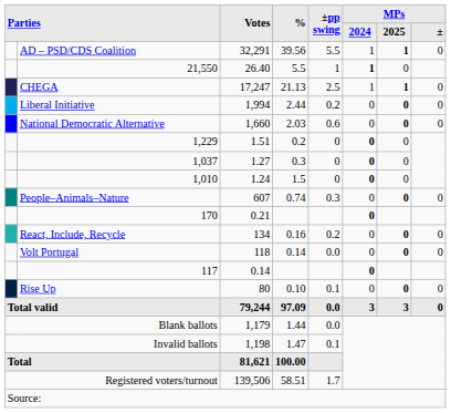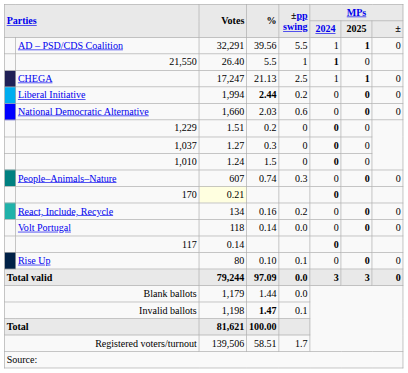 <table class="wikitable" style="text-align:right; font-size:95%;">
 <tr>
 <th rowspan="2" colspan="2" style="background:#e9e9e9; text-align:left;" alignleft><a href='#'>Parties</a></th>
 <th rowspan="2" style="background:#e9e9e9; text-align:right;">Votes</th>
 <th rowspan="2" style="background:#e9e9e9; text-align:right;">%</th>
 <th rowspan="2" style="background:#e9e9e9; text-align:right;">±<a href='#'>pp</a> <a href='#'>swing</a></th>
 <th colspan="3" style="background:#e9e9e9; text-align:center;"><a href='#'>MPs</a></th>
 </tr>
 <tr style="background-color:#E9E9E9">
 <th style="background-color:#E9E9E9;text-align:center;"><a href='#'>2024</a></th>
 <th style="background-color:#E9E9E9;text-align:center;">2025</th>
 <th style="background:#e9e9e9; text-align:right;">±</th>
 </tr>
 <tr>
 <td style="width: 10px" bgcolor=></td>
 <td align="left"><a href='#'>AD – PSD/CDS Coalition</a> </td>
 <td>32,291</td>
 <td>39.56</td>
 <td>5.5</td>
 <td>1</td>
 <td><strong>1</strong></td>
 <td>0</td>
 </tr>
 <tr>
 <td></td>
 <td>21,550</td>
 <td>26.40</td>
 <td>5.5</td>
 <td>1</td>
 <td><strong>1</strong></td>
 <td>0</td>
 </tr>
 <tr>
 <td style="width: 10px" bgcolor="#202056" align="center"></td>
 <td align="left"><a href='#'>CHEGA</a></td>
 <td>17,247</td>
 <td>21.13</td>
 <td>2.5</td>
 <td>1</td>
 <td><strong>1</strong></td>
 <td>0</td>
 </tr>
 <tr>
 <td style="width: 10px" bgcolor="#00ADEF" align="center"></td>
 <td align="left"><a href='#'>Liberal Initiative</a></td>
 <td>1,994</td>
-<td>2.44</td>
+<td><strong>2.44</strong></td>
 <td>0.2</td>
 <td>0</td>
 <td><strong>0</strong></td>
 <td>0</td>
 </tr>
 <tr>
 <td style="width: 10px" bgcolor="blue" align="center"></td>
 <td align="left"><a href='#'>National Democratic Alternative</a></td>
 <td>1,660</td>
 <td>2.03</td>
 <td>0.6</td>
 <td>0</td>
 <td><strong>0</strong></td>
 <td>0</td>
 </tr>
 <tr>
 <td></td>
 <td>1,229</td>
 <td>1.51</td>
 <td>0.2</td>
 <td>0</td>
 <td><strong>0</strong></td>
 <td>0</td>
 </tr>
 <tr>
 <td></td>
 <td>1,037</td>
 <td>1.27</td>
 <td>0.3</td>
 <td>0</td>
 <td><strong>0</strong></td>
 <td>0</td>
 </tr>
 <tr>
 <td></td>
 <td>1,010</td>
 <td>1.24</td>
 <td>1.5</td>
 <td>0</td>
 <td><strong>0</strong></td>
 <td>0</td>
 </tr>
 <tr>
 <td style="width: 10px" bgcolor="teal" align="center"></td>
 <td align="left"><a href='#'>People–Animals–Nature</a></td>
 <td>607</td>
 <td>0.74</td>
 <td>0.3</td>
 <td>0</td>
 <td><strong>0</strong></td>
 <td>0</td>
 </tr>
 <tr>
 <td></td>
 <td>170</td>
-<td>0.21</td>
+<td style="background: lightyellow;">0.21</td>
 <td></td>
 <td></td>
 <td><strong>0</strong></td>
 <td></td>
 </tr>
 <tr>
 <td style="width: 10px" bgcolor="LightSeaGreen" align="center"></td>
 <td align="left"><a href='#'>React, Include, Recycle</a></td>
 <td>134</td>
 <td>0.16</td>
 <td>0.2</td>
 <td>0</td>
 <td><strong>0</strong></td>
 <td>0</td>
 </tr>
 <tr>
 <td style="width: 10px"></td>
 <td align="left"><a href='#'>Volt Portugal</a></td>
 <td>118</td>
 <td>0.14</td>
 <td>0.0</td>
 <td>0</td>
 <td><strong>0</strong></td>
 <td>0</td>
 </tr>
 <tr>
 <td></td>
 <td>117</td>
 <td>0.14</td>
 <td></td>
 <td></td>
 <td><strong>0</strong></td>
 <td></td>
 </tr>
 <tr>
 <td style="width: 10px" bgcolor="#002147" align="center"></td>
 <td align="left"><a href='#'>Rise Up</a></td>
 <td>80</td>
 <td>0.10</td>
 <td>0.1</td>
 <td>0</td>
 <td><strong>0</strong></td>
 <td>0</td>
 </tr>
 <tr>
 <td colspan=2 width="288" align=left style="background-color:#E9E9E9"><strong>Total valid</strong></td>
 <td width="65" align="right" style="background-color:#E9E9E9"><strong>79,244</strong></td>
 <td width="40" align="right" style="background-color:#E9E9E9"><strong>97.09</strong></td>
 <td width="40" align="right" style="background-color:#E9E9E9"><strong>0.0</strong></td>
 <td width="40" align="right" style="background-color:#E9E9E9"><strong>3</strong></td>
 <td width="40" align="right" style="background-color:#E9E9E9"><strong>3</strong></td>
 <td width="40" align="right" style="background-color:#E9E9E9"><strong>0</strong></td>
 </tr>
 <tr>
 <td colspan=2>Blank ballots</td>
 <td>1,179</td>
 <td>1.44</td>
 <td>0.0</td>
 <td colspan=3 rowspan=4></td>
 </tr>
 <tr>
 <td colspan=2>Invalid ballots</td>
 <td>1,198</td>
-<td>1.47</td>
+<td><strong>1.47</strong></td>
 <td>0.1</td>
 </tr>
 <tr>
 <td colspan=2 align=left style="background-color:#E9E9E9"><strong>Total</strong></td>
 <td width="50" align="right" style="background-color:#E9E9E9"><strong>81,621</strong></td>
 <td width="40" align="right" style="background-color:#E9E9E9"><strong>100.00</strong></td>
 <td width="40" align="right" style="background-color:#E9E9E9"></td>
 </tr>
 <tr>
 <td colspan=2>Registered voters/turnout</td>
 <td>139,506</td>
 <td>58.51</td>
 <td>1.7</td>
 </tr>
 <tr>
 <td colspan=8 align=left>Source: </td>
 </tr>
 </table>
